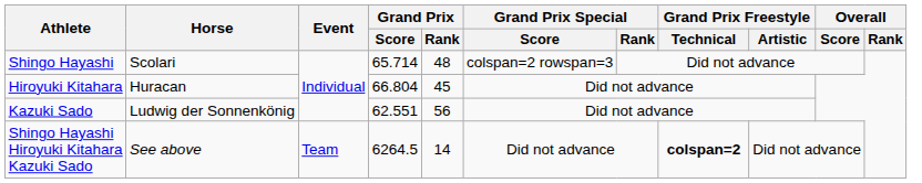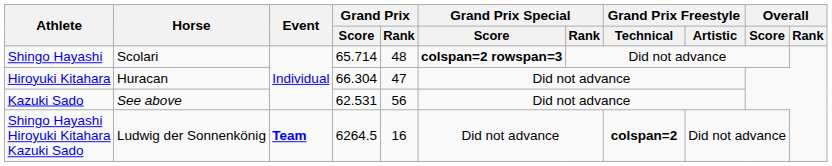 <table class=wikitable style=font-size:90%;>
 <tr>
 <th rowspan="2">Athlete</th>
 <th rowspan="2">Horse</th>
 <th rowspan="2">Event</th>
 <th colspan="2">Grand Prix</th>
 <th colspan="2">Grand Prix Special</th>
 <th colspan="2">Grand Prix Freestyle</th>
 <th colspan="2">Overall</th>
 </tr>
 <tr style="font-size:95%">
 <th>Score</th>
 <th>Rank</th>
 <th>Score</th>
 <th>Rank</th>
 <th>Technical</th>
 <th>Artistic</th>
 <th>Score</th>
 <th>Rank</th>
 </tr>
 <tr align=center>
 <td align=left><a href='#'>Shingo Hayashi</a></td>
 <td align=left>Scolari</td>
 <td rowspan=3 align=left><a href='#'>Individual</a></td>
 <td>65.714</td>
 <td>48</td>
-<td>colspan=2 rowspan=3 </td>
+<td><strong>colspan=2 rowspan=3 </strong></td>
 <td colspan=4>Did not advance</td>
 </tr>
 <tr align=center>
 <td align=left><a href='#'>Hiroyuki Kitahara</a></td>
 <td align=left>Huracan</td>
-<td>66.804</td>
-<td>45</td>
+<td>66.304</td>
+<td>47</td>
 <td colspan=4>Did not advance</td>
 </tr>
 <tr align=center>
 <td align=left><a href='#'>Kazuki Sado</a></td>
-<td align=left>Ludwig der Sonnenkönig</td>
-<td>62.551</td>
+<td align=left><em>See above</em></td>
+<td>62.531</td>
 <td>56</td>
 <td colspan=4>Did not advance</td>
 </tr>
 <tr align=center>
 <td align=left><a href='#'>Shingo Hayashi</a><br><a href='#'>Hiroyuki Kitahara</a><br><a href='#'>Kazuki Sado</a></td>
-<td align=left><em>See above</em></td>
-<td align=left><a href='#'>Team</a></td>
+<td align=left>Ludwig der Sonnenkönig</td>
+<td align=left><strong><a href='#'>Team</a></strong></td>
 <td>6264.5</td>
-<td>14</td>
+<td>16</td>
 <td colspan=2>Did not advance</td>
 <td><strong>colspan=2 </strong></td>
 <td colspan=2>Did not advance</td>
 </tr>
 </table>
